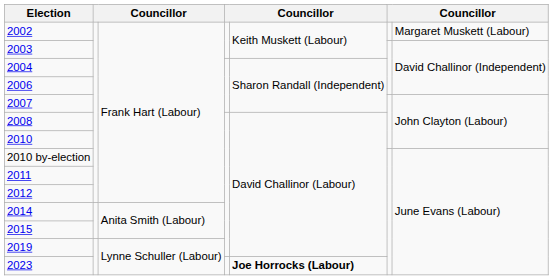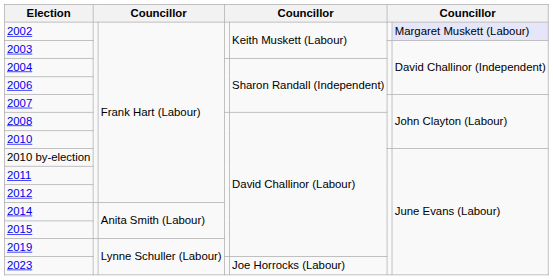 <table class="wikitable">
 <tr>
 <th>Election</th>
 <th colspan="2">Councillor</th>
 <th colspan="2">Councillor</th>
 <th colspan="2">Councillor</th>
 </tr>
 <tr>
 <td><a href='#'>2002</a></td>
 <td rowspan="10" style="background-color: "></td>
 <td rowspan="10">Frank Hart (Labour)</td>
 <td rowspan="2" style="background-color: "></td>
 <td rowspan="2">Keith Muskett (Labour)</td>
 <td style="background-color: "></td>
-<td>Margaret Muskett (Labour)</td>
+<td style="background: lavender;">Margaret Muskett (Labour)</td>
 </tr>
 <tr>
 <td><a href='#'>2003</a></td>
 <td rowspan="3" style="background-color: "></td>
 <td rowspan="3">David Challinor (Independent)</td>
 </tr>
 <tr>
 <td><a href='#'>2004</a></td>
 <td rowspan="3" style="background-color: "></td>
 <td rowspan="3">Sharon Randall (Independent)</td>
 </tr>
 <tr>
 <td><a href='#'>2006</a></td>
 </tr>
 <tr>
 <td><a href='#'>2007</a></td>
 <td rowspan="3" style="background-color: "></td>
 <td rowspan="3">John Clayton (Labour)</td>
 </tr>
 <tr>
 <td><a href='#'>2008</a></td>
 <td rowspan="8" style="background-color: "></td>
 <td rowspan="8">David Challinor (Labour)</td>
 </tr>
 <tr>
 <td><a href='#'>2010</a></td>
 </tr>
 <tr>
 <td>2010 by-election</td>
 <td rowspan="7" style="background-color: "></td>
 <td rowspan="7">June Evans (Labour)</td>
 </tr>
 <tr>
 <td><a href='#'>2011</a></td>
 </tr>
 <tr>
 <td><a href='#'>2012</a></td>
 </tr>
 <tr>
 <td><a href='#'>2014</a></td>
 <td rowspan="2" style="background-color: "></td>
 <td rowspan="2">Anita Smith (Labour)</td>
 </tr>
 <tr>
 <td><a href='#'>2015</a></td>
 </tr>
 <tr>
 <td><a href='#'>2019</a></td>
 <td rowspan="2" style="background-color: "></td>
 <td rowspan="2">Lynne Schuller (Labour)</td>
 </tr>
 <tr>
 <td><a href='#'>2023</a></td>
 <td style="background-color: "></td>
-<td><strong>Joe Horrocks (Labour)</strong></td>
+<td>Joe Horrocks (Labour)</td>
 </tr>
 </table>
